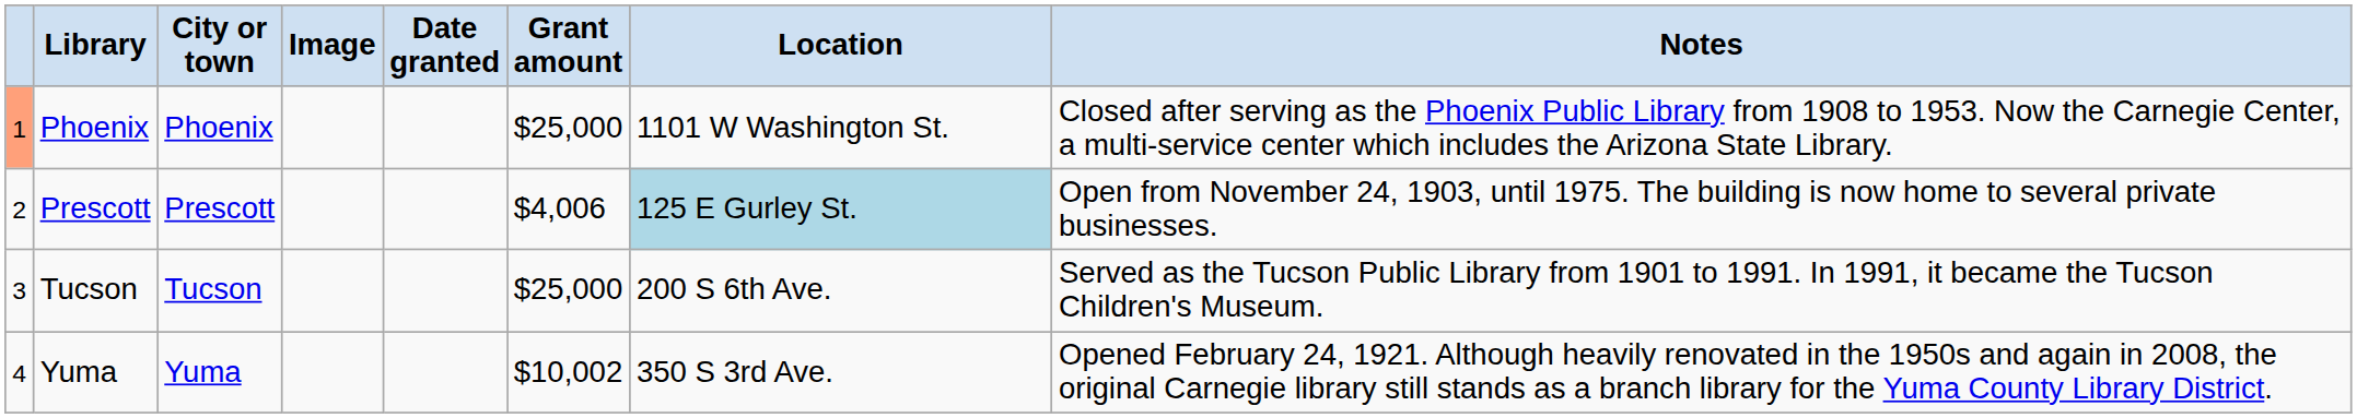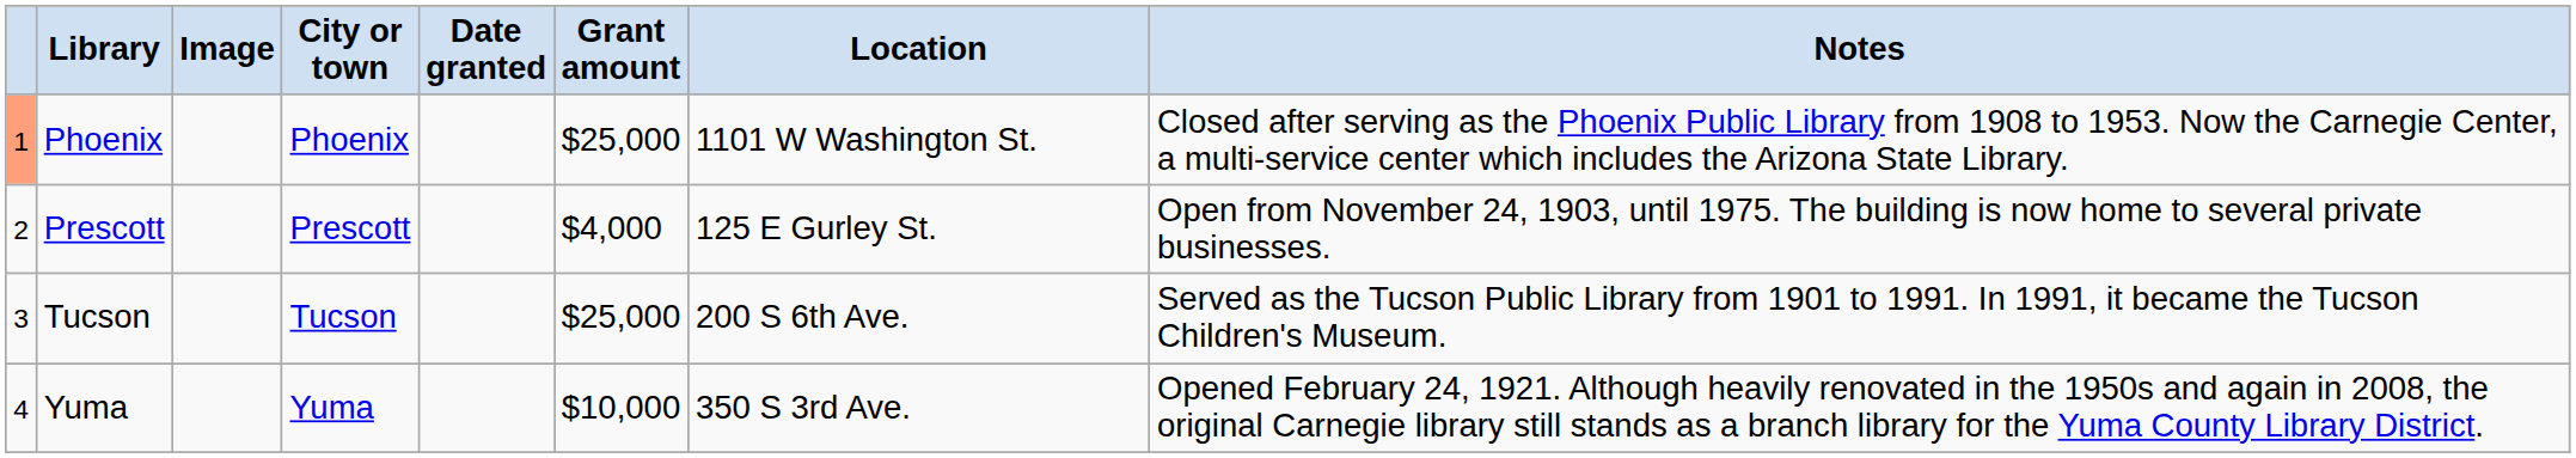 <table class="wikitable sortable" align="center">
 <tr>
 <th style="background-color:#CEE0F2;"></th>
 <th style="background-color:#CEE0F2;"><strong>Library</strong></th>
+<th style="background-color:#CEE0F2;" class="unsortable"><strong>Image</strong></th>
 <th style="background-color:#CEE0F2;"><strong>City or<br>town</strong></th>
-<th style="background-color:#CEE0F2;" class="unsortable"><strong>Image</strong></th>
 <th style="background-color:#CEE0F2;"><strong>Date<br>granted</strong></th>
 <th style="background-color:#CEE0F2;"><strong>Grant<br>amount</strong></th>
 <th width=18% style="background-color:#CEE0F2;"><strong>Location</strong></th>
 <th style="background-color:#CEE0F2;"><strong>Notes</strong></th>
 </tr>
 <tr ->
 <td style="background: lightsalmon;"><small>1</small></td>
 <td><a href='#'>Phoenix</a></td>
+<td></td>
 <td><a href='#'>Phoenix</a></td>
-<td></td>
 <td></td>
 <td>$25,000</td>
 <td>1101 W Washington St.<br><small></small></td>
 <td>Closed after serving as the <a href='#'>Phoenix Public Library</a> from 1908 to 1953. Now the Carnegie Center, a multi-service center which includes the Arizona State Library.</td>
 </tr>
 <tr ->
 <td><small>2</small></td>
 <td><a href='#'>Prescott</a></td>
+<td></td>
 <td><a href='#'>Prescott</a></td>
 <td></td>
-<td></td>
-<td>$4,006</td>
-<td style="background: lightblue;">125 E Gurley St.<br><small></small></td>
+<td>$4,000</td>
+<td>125 E Gurley St.<br><small></small></td>
 <td>Open from November 24, 1903, until 1975. The building is now home to several private businesses.</td>
 </tr>
 <tr ->
 <td align=center><small>3</small></td>
 <td>Tucson</td>
+<td></td>
 <td><a href='#'>Tucson</a></td>
-<td></td>
 <td></td>
 <td>$25,000</td>
 <td>200 S 6th Ave.<br><small></small></td>
 <td>Served as the Tucson Public Library from 1901 to 1991. In 1991, it became the Tucson Children's Museum.</td>
 </tr>
 <tr ->
 <td align=center><small>4</small></td>
 <td>Yuma</td>
+<td></td>
 <td><a href='#'>Yuma</a></td>
 <td></td>
-<td></td>
-<td>$10,002</td>
+<td>$10,000</td>
 <td>350 S 3rd Ave.<br><small></small></td>
 <td>Opened February 24, 1921. Although heavily renovated in the 1950s and again in 2008, the original Carnegie library still stands as a branch library for the <a href='#'>Yuma County Library District</a>.</td>
 </tr>
 </table>
